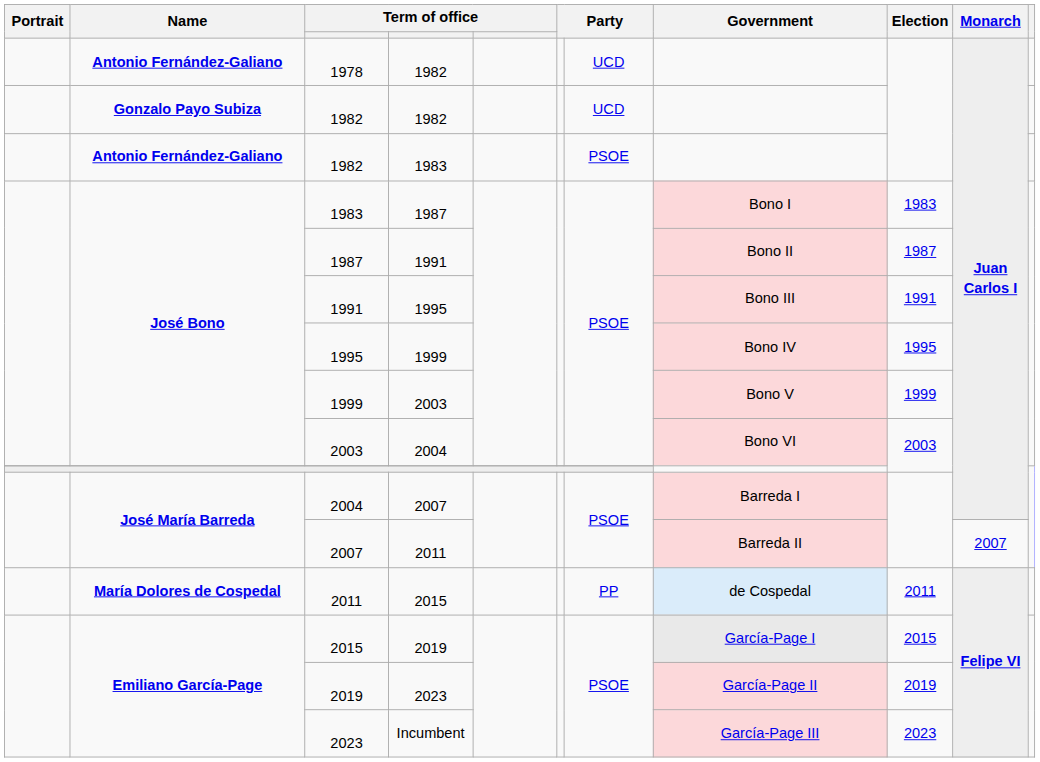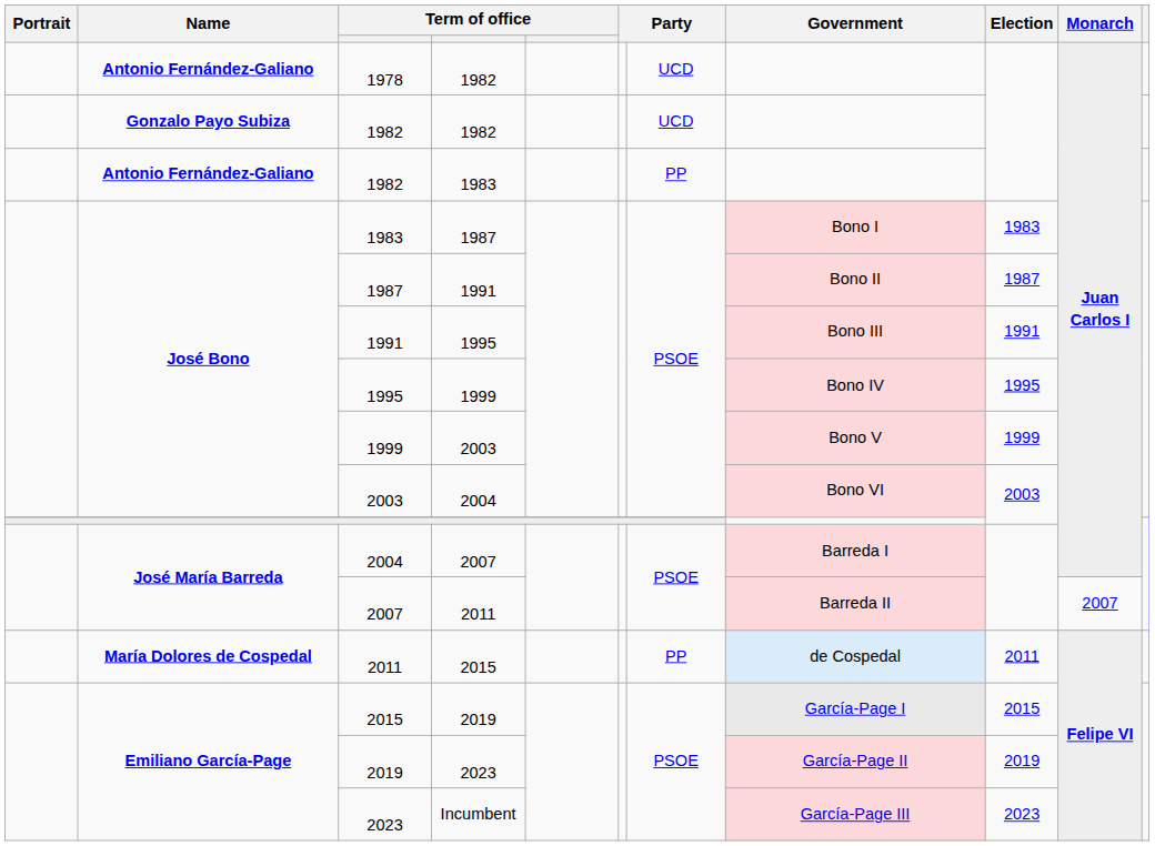 <table class="wikitable" style="line-height:1.4em; text-align:center; border:1px #aaf solid;">
 <tr>
 <th rowspan="2" width="65">Portrait</th>
 <th rowspan="2" width="250">Name<br></th>
 <th colspan="3">Term of office</th>
 <th rowspan="2" colspan="2" width="90">Party</th>
 <th rowspan="2" width="250">Government<br></th>
 <th rowspan="2" width="65">Election</th>
 <th rowspan="2" width="75"><a href='#'>Monarch</a><br></th>
 <th rowspan="2"></th>
 </tr>
 <tr>
 <th width="85"></th>
 <th width="85"></th>
 <th width="85"></th>
 </tr>
 <tr>
 <td width="65"></td>
 <td><strong><a href='#'>Antonio Fernández-Galiano</a></strong><br></td>
 <td class="nowrap"><br>1978</td>
 <td class="nowrap"><br>1982</td>
 <td style="font-size:95%;"></td>
 <td width="1" style="color:inherit;background:"></td>
 <td width="90"><a href='#'>UCD</a></td>
 <td></td>
 <td rowspan="3" style="color:#ccc;"></td>
 <td scope="row" style="text-align:center;" rowspan="12" bgcolor="#EEEEEE"><br><strong><a href='#'>Juan Carlos I</a></strong><br><br></td>
 <td></td>
 </tr>
 <tr>
 <td></td>
 <td><strong><a href='#'>Gonzalo Payo Subiza</a></strong><br></td>
 <td class="nowrap"><br>1982</td>
 <td class="nowrap"><br>1982</td>
 <td style="font-size:95%;"></td>
 <td style="color:inherit;background:"></td>
 <td><a href='#'>UCD</a></td>
 <td></td>
 <td></td>
 </tr>
 <tr>
 <td></td>
 <td><strong><a href='#'>Antonio Fernández-Galiano</a></strong><br></td>
 <td class="nowrap"><br>1982</td>
 <td class="nowrap"><br>1983</td>
 <td style="font-size:95%;"></td>
 <td style="color:inherit;background:"></td>
-<td><a href='#'>PSOE</a></td>
+<td><a href='#'>PP</a></td>
 <td></td>
 <td></td>
 </tr>
 <tr>
 <td rowspan="6"></td>
 <td rowspan="6"><strong><a href='#'>José Bono</a></strong><br></td>
 <td class="nowrap"><br>1983</td>
 <td class="nowrap"><br>1987</td>
 <td rowspan="6" style="font-size:95%;"></td>
 <td rowspan="6" style="color:inherit;background:"></td>
 <td rowspan="6"><a href='#'>PSOE</a></td>
 <td style="background:#FCD8DA;">Bono I<br></td>
 <td><a href='#'>1983</a></td>
 <td rowspan="7"><br><br><br><br><br><br></td>
 </tr>
 <tr>
 <td class="nowrap"><br>1987</td>
 <td class="nowrap"><br>1991</td>
 <td style="background:#FCD8DA;">Bono II<br></td>
 <td><a href='#'>1987</a></td>
 </tr>
 <tr>
 <td class="nowrap"><br>1991</td>
 <td class="nowrap"><br>1995</td>
 <td style="background:#FCD8DA;">Bono III<br></td>
 <td><a href='#'>1991</a></td>
 </tr>
 <tr>
 <td class="nowrap"><br>1995</td>
 <td class="nowrap"><br>1999</td>
 <td style="background:#FCD8DA;">Bono IV<br></td>
 <td><a href='#'>1995</a></td>
 </tr>
 <tr>
 <td class="nowrap"><br>1999</td>
 <td class="nowrap"><br>2003</td>
 <td style="background:#FCD8DA;">Bono V<br></td>
 <td><a href='#'>1999</a></td>
 </tr>
 <tr>
 <td class="nowrap"><br>2003</td>
 <td class="nowrap"><br>2004<br></td>
 <td rowspan="2" style="background:#FCD8DA;">Bono VI<br></td>
 <td rowspan="3"><a href='#'>2003</a></td>
 </tr>
 <tr>
 </tr>
 <tr>
 <td colspan="7" style="background:#EEEEEE;"></td>
 </tr>
 <tr>
 <td rowspan="2"></td>
 <td rowspan="2"><strong><a href='#'>José María Barreda</a></strong><br></td>
 <td class="nowrap"><br>2004</td>
 <td class="nowrap"><br>2007</td>
 <td rowspan="2" style="font-size:95%;"></td>
 <td rowspan="2" style="color:inherit;background:"></td>
 <td rowspan="2"><a href='#'>PSOE</a></td>
 <td style="background:#FCD8DA;">Barreda I<br></td>
 <td rowspan="2"><br><br></td>
 </tr>
 <tr>
 <td class="nowrap"><br>2007</td>
 <td class="nowrap"><br>2011</td>
 <td style="background:#FCD8DA;">Barreda II<br></td>
 <td><a href='#'>2007</a></td>
 </tr>
 <tr>
 <td></td>
 <td><strong><a href='#'>María Dolores de Cospedal</a></strong><br></td>
 <td class="nowrap"><br>2011</td>
 <td class="nowrap"><br>2015</td>
 <td style="font-size:95%;"></td>
 <td style="color:inherit;background:"></td>
 <td><a href='#'>PP</a></td>
 <td style="background:#DAECFA;">de Cospedal<br></td>
 <td><a href='#'>2011</a></td>
 <td scope="row" style="text-align:center;" rowspan="4" bgcolor="#EEEEEE"><br><strong><a href='#'>Felipe VI</a></strong><br><br></td>
 <td><br></td>
 </tr>
 <tr>
 <td rowspan="3"></td>
 <td rowspan="3"><strong><a href='#'>Emiliano García-Page</a></strong><br></td>
 <td class="nowrap"><br>2015</td>
 <td class="nowrap"><br>2019</td>
 <td rowspan="3" style="font-size:95%;"></td>
 <td rowspan="3" style="color:inherit;background:"></td>
 <td rowspan="3"><a href='#'>PSOE</a></td>
 <td style="background:#E9E9E9;"><a href='#'>García-Page I</a><br></td>
 <td><a href='#'>2015</a></td>
 <td rowspan="3"><br><br></td>
 </tr>
 <tr>
 <td class="nowrap"><br>2019</td>
 <td class="nowrap"><br>2023</td>
 <td style="background:#FCD8DA;"><a href='#'>García-Page II</a><br></td>
 <td><a href='#'>2019</a></td>
 </tr>
 <tr>
 <td class="nowrap"><br>2023</td>
 <td>Incumbent</td>
 <td style="background:#FCD8DA;"><a href='#'>García-Page III</a><br></td>
 <td><a href='#'>2023</a></td>
 </tr>
 </table>
